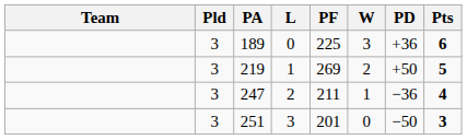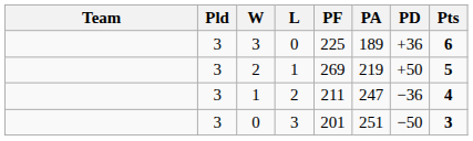 <table class="wikitable" style="text-align:center;">
 <tr>
 <th width=180>Team</th>
 <th width=30>Pld</th>
-<th width=30>PA</th>
+<th width=30>W</th>
 <th width=30>L</th>
 <th width=30>PF</th>
-<th width=30>W</th>
+<th width=30>PA</th>
 <th width=30>PD</th>
 <th width=30>Pts</th>
 </tr>
 <tr>
 <td align="left"></td>
 <td>3</td>
-<td>189</td>
+<td>3</td>
 <td>0</td>
 <td>225</td>
-<td>3</td>
+<td>189</td>
 <td>+36</td>
 <td><strong>6</strong></td>
 </tr>
 <tr>
 <td align="left"></td>
 <td>3</td>
-<td>219</td>
+<td>2</td>
 <td>1</td>
 <td>269</td>
-<td>2</td>
+<td>219</td>
 <td>+50</td>
 <td><strong>5</strong></td>
 </tr>
 <tr>
 <td align="left"></td>
 <td>3</td>
-<td>247</td>
+<td>1</td>
 <td>2</td>
 <td>211</td>
-<td>1</td>
+<td>247</td>
 <td>−36</td>
 <td><strong>4</strong></td>
 </tr>
 <tr>
 <td align="left"></td>
 <td>3</td>
-<td>251</td>
+<td>0</td>
 <td>3</td>
 <td>201</td>
-<td>0</td>
+<td>251</td>
 <td>−50</td>
 <td><strong>3</strong></td>
 </tr>
 </table>
